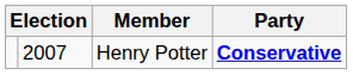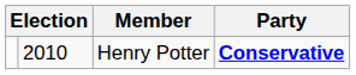 <table class="wikitable">
 <tr>
 <th colspan="2">Election</th>
 <th>Member</th>
 <th>Party</th>
 </tr>
 <tr>
 <td style="background-color: "></td>
-<td>2007</td>
+<td>2010</td>
 <td>Henry Potter</td>
 <td><strong><a href='#'>Conservative</a></strong></td>
 </tr>
 </table>
